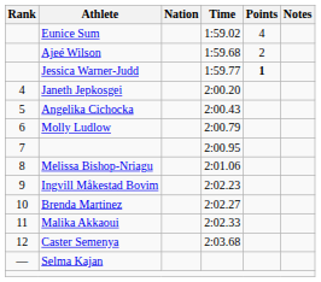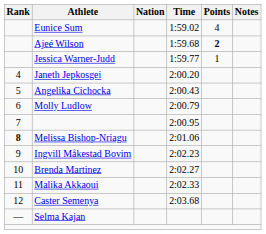 <table class="wikitable sortable" style="text-align:center;">
 <tr>
 <th scope="col" style="width: 10px;">Rank</th>
 <th scope="col">Athlete</th>
 <th scope="col">Nation</th>
 <th scope="col">Time</th>
 <th scope="col">Points</th>
 <th scope="col">Notes</th>
 </tr>
 <tr>
 <td></td>
 <td align="left"><a href='#'>Eunice Sum</a></td>
 <td align="left"></td>
 <td>1:59.02</td>
 <td>4</td>
 <td></td>
 </tr>
 <tr>
 <td></td>
 <td align="left"><a href='#'>Ajeé Wilson</a></td>
 <td align="left"></td>
 <td>1:59.68</td>
-<td>2</td>
+<td><strong>2</strong></td>
 <td></td>
 </tr>
 <tr>
 <td></td>
 <td align="left"><a href='#'>Jessica Warner-Judd</a></td>
 <td align="left"></td>
 <td>1:59.77</td>
-<td><strong>1</strong></td>
+<td>1</td>
 <td></td>
 </tr>
 <tr>
 <td>4</td>
 <td align="left"><a href='#'>Janeth Jepkosgei</a></td>
 <td align="left"></td>
 <td>2:00.20</td>
 <td></td>
 <td></td>
 </tr>
 <tr>
 <td>5</td>
 <td align="left"><a href='#'>Angelika Cichocka</a></td>
 <td align="left"></td>
 <td>2:00.43</td>
 <td></td>
 <td></td>
 </tr>
 <tr>
 <td>6</td>
 <td align="left"><a href='#'>Molly Ludlow</a></td>
 <td align="left"></td>
 <td>2:00.79</td>
 <td></td>
 <td></td>
 </tr>
 <tr>
 <td>7</td>
 <td align="left"></td>
 <td align="left"></td>
 <td>2:00.95</td>
 <td></td>
 <td></td>
 </tr>
 <tr>
-<td>8</td>
+<td><strong>8</strong></td>
 <td align="left"><a href='#'>Melissa Bishop-Nriagu</a></td>
 <td align="left"></td>
 <td>2:01.06</td>
 <td></td>
 <td></td>
 </tr>
 <tr>
 <td>9</td>
 <td align="left"><a href='#'>Ingvill Måkestad Bovim</a></td>
 <td align="left"></td>
 <td>2:02.23</td>
 <td></td>
 <td></td>
 </tr>
 <tr>
 <td>10</td>
 <td align="left"><a href='#'>Brenda Martinez</a></td>
 <td align="left"></td>
 <td>2:02.27</td>
 <td></td>
 <td></td>
 </tr>
 <tr>
 <td>11</td>
 <td align="left"><a href='#'>Malika Akkaoui</a></td>
 <td align="left"></td>
 <td>2:02.33</td>
 <td></td>
 <td></td>
 </tr>
 <tr>
 <td>12</td>
 <td align="left"><a href='#'>Caster Semenya</a></td>
 <td align="left"></td>
 <td>2:03.68</td>
 <td></td>
 <td></td>
 </tr>
 <tr>
 <td>—</td>
 <td align="left"><a href='#'>Selma Kajan</a></td>
 <td align="left"></td>
 <td></td>
 <td></td>
 <td></td>
 </tr>
 <tr class="sortbottom">
 <td colspan="6"></td>
 </tr>
 </table>
